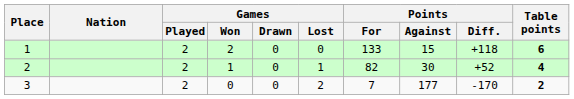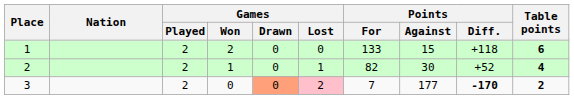 <table class="wikitable" style="text-align:center">
 <tr>
 <th rowspan="2" style="width:8%">Place</th>
 <th rowspan="2" style="width:20%">Nation</th>
 <th colspan="4" style="width:32%">Games</th>
 <th colspan="3" style="width:30%">Points</th>
 <th rowspan="2" style="width:10%">Table<br>points</th>
 </tr>
 <tr>
 <th style="width:8%">Played</th>
 <th style="width:8%">Won</th>
 <th style="width:8%">Drawn</th>
 <th style="width:8%">Lost</th>
 <th style="width:10%">For</th>
 <th style="width:10%">Against</th>
 <th style="width:10%">Diff.</th>
 </tr>
 <tr style="background:#cfc">
 <td>1</td>
 <td align=left><strong></strong></td>
 <td>2</td>
 <td>2</td>
 <td>0</td>
 <td>0</td>
 <td>133</td>
 <td>15</td>
 <td>+118</td>
 <td><strong>6</strong></td>
 </tr>
 <tr style="background:#cfc">
 <td>2</td>
 <td align=left></td>
 <td>2</td>
 <td>1</td>
 <td>0</td>
 <td>1</td>
 <td>82</td>
 <td>30</td>
 <td>+52</td>
 <td><strong>4</strong></td>
 </tr>
 <tr>
 <td>3</td>
 <td align=left></td>
 <td>2</td>
 <td>0</td>
-<td>0</td>
-<td>2</td>
+<td style="background: lightsalmon;">0</td>
+<td style="background: pink;">2</td>
 <td>7</td>
 <td>177</td>
-<td>-170</td>
+<td><strong>-170</strong></td>
 <td><strong>2</strong></td>
 </tr>
 </table>
